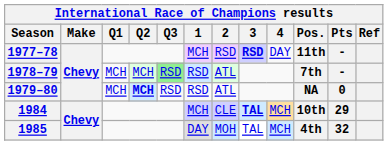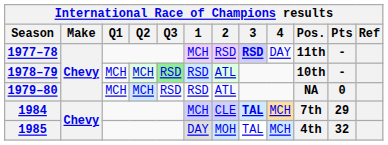 <table class="wikitable" style="text-align:center; font-size:75%">
 <tr>
 <th colspan=12><a href='#'>International Race of Champions</a> results</th>
 </tr>
 <tr>
 <th>Season</th>
 <th>Make</th>
 <th>Q1</th>
 <th>Q2</th>
 <th>Q3</th>
 <th>1</th>
 <th>2</th>
 <th>3</th>
 <th>4</th>
 <th>Pos.</th>
 <th>Pts</th>
 <th>Ref</th>
 </tr>
 <tr>
 <th><a href='#'>1977–78</a></th>
 <th rowspan=3><a href='#'>Chevy</a></th>
 <td colspan=3></td>
 <td style="background:#EFCFFF;"><a href='#'>MCH</a><br></td>
 <td style="background:#EFCFFF;"><a href='#'>RSD</a><br></td>
 <td style="background:#CFCFFF;"><strong><a href='#'>RSD</a></strong><br></td>
 <td><a href='#'>DAY</a></td>
 <th>11th</th>
 <th>-</th>
 <th></th>
 </tr>
 <tr>
 <th><a href='#'>1978–79</a></th>
 <td><a href='#'>MCH</a></td>
 <td style="background:#DFFFDF;"><a href='#'>MCH</a><br></td>
 <td style="background: lightgreen;"><a href='#'>RSD</a></td>
 <td style="background:#CFEAFF;"><a href='#'>RSD</a><br></td>
 <td style="background:#DFFFDF;"><a href='#'>ATL</a><br></td>
 <td colspan=2></td>
-<th>7th</th>
+<th>10th</th>
 <th>-</th>
 <th></th>
 </tr>
 <tr>
 <th><a href='#'>1979–80</a></th>
 <td><a href='#'>MCH</a></td>
-<td style="background:#CFEAFF;"><strong><a href='#'>MCH</a><br></strong></td>
+<td style="background:#CFEAFF;"><a href='#'>MCH</a><br></td>
 <td><a href='#'>RSD</a></td>
 <td><a href='#'>RSD</a></td>
 <td><a href='#'>ATL</a></td>
 <td colspan=2></td>
 <th>NA</th>
 <th>0</th>
 <th></th>
 </tr>
 <tr>
 <th><a href='#'>1984</a></th>
 <th rowspan=2><a href='#'>Chevy</a></th>
 <td colspan=3></td>
 <td style="background:#CFCFFF;"><a href='#'>MCH</a><br></td>
 <td style="background:#CFCFFF;"><a href='#'>CLE</a><br></td>
 <td style="background:#CFEAFF;"><strong><a href='#'>TAL</a></strong><br></td>
 <td style="background:#FFDF9F;"><a href='#'>MCH</a><br></td>
-<th>10th</th>
+<th>7th</th>
 <th>29</th>
 <th></th>
 </tr>
 <tr>
 <th><a href='#'>1985</a></th>
 <td colspan=3></td>
 <td style="background:#DFDFDF;"><a href='#'>DAY</a><br></td>
 <td style="background:#CFEAFF;"><a href='#'>MOH</a><br></td>
 <td style="background:#FFFFFF;"><a href='#'>TAL</a><br></td>
 <td style="background:#CFEAFF;"><a href='#'>MCH</a><br></td>
 <th>4th</th>
 <th>32</th>
 <th></th>
 </tr>
 </table>
